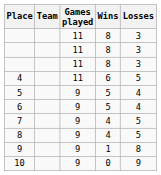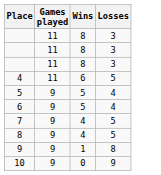 <table class="wikitable" style="text-align:center;">
 <tr>
 <th>Place</th>
-<th>Team</th>
 <th>Games<br>played</th>
 <th>Wins</th>
 <th>Losses</th>
 </tr>
 <tr>
 <td></td>
-<td align=left></td>
 <td>11</td>
 <td>8</td>
 <td>3</td>
 </tr>
 <tr>
 <td></td>
-<td align=left></td>
 <td>11</td>
 <td>8</td>
 <td>3</td>
 </tr>
 <tr>
 <td></td>
-<td align=left></td>
 <td>11</td>
 <td>8</td>
 <td>3</td>
 </tr>
 <tr>
 <td>4</td>
-<td align=left></td>
 <td>11</td>
 <td>6</td>
 <td>5</td>
 </tr>
 <tr>
 <td>5</td>
-<td align=left></td>
 <td>9</td>
 <td>5</td>
 <td>4</td>
 </tr>
 <tr>
 <td>6</td>
-<td align=left></td>
 <td>9</td>
 <td>5</td>
 <td>4</td>
 </tr>
 <tr>
 <td>7</td>
-<td align=left></td>
 <td>9</td>
 <td>4</td>
 <td>5</td>
 </tr>
 <tr>
 <td>8</td>
-<td align=left></td>
 <td>9</td>
 <td>4</td>
 <td>5</td>
 </tr>
 <tr>
 <td>9</td>
-<td align=left></td>
 <td>9</td>
 <td>1</td>
 <td>8</td>
 </tr>
 <tr>
 <td>10</td>
-<td align=left></td>
 <td>9</td>
 <td>0</td>
 <td>9</td>
 </tr>
 </table>
